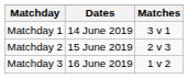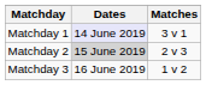 <table class="wikitable" style="text-align:center">
 <tr>
 </tr>
 <tr>
 <th>Matchday</th>
 <th>Dates</th>
 <th>Matches</th>
 </tr>
 <tr>
 <td>Matchday 1</td>
-<td>14 June 2019</td>
+<td style="background: lavender;">14 June 2019</td>
 <td>3 v 1</td>
 </tr>
 <tr>
 <td>Matchday 2</td>
-<td>15 June 2019</td>
+<td style="background: lightgrey;">15 June 2019</td>
 <td>2 v 3</td>
 </tr>
 <tr>
 <td>Matchday 3</td>
 <td>16 June 2019</td>
 <td>1 v 2</td>
 </tr>
 </table>
